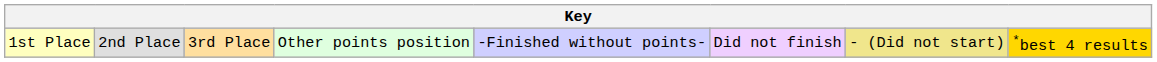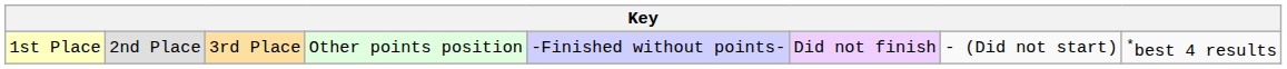 <table class="wikitable" style="font-size: 85%; text-align: center; white-space: nowrap;">
 <tr>
 <th colspan="8" valign="middle">Key</th>
 </tr>
 <tr>
 <td bgcolor="#FFFFBF">1st Place</td>
 <td bgcolor="#DFDFDF">2nd Place</td>
 <td bgcolor="#FFDF9F">3rd Place</td>
 <td bgcolor="#DFFFDF">Other points position</td>
 <td bgcolor="#CFCFFF">-Finished without points-</td>
 <td bgcolor="#EFCFFF">Did not finish</td>
-<td style="background: khaki;">- (Did not start)</td>
-<td style="background: gold;"><sup>*</sup>best 4 results</td>
+<td>- (Did not start)</td>
+<td><sup>*</sup>best 4 results</td>
 </tr>
 </table>
